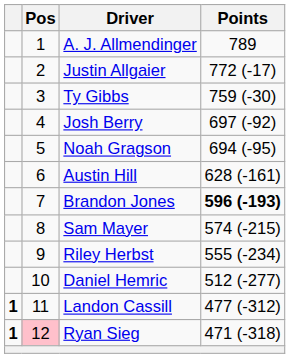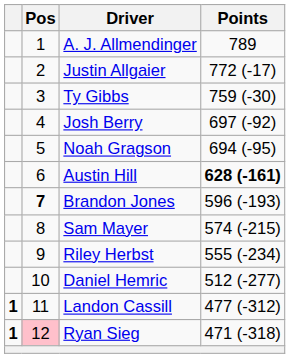 <table class="wikitable" style="font-size: 95%;">
 <tr>
 <th></th>
 <th>Pos</th>
 <th>Driver</th>
 <th>Points</th>
 </tr>
 <tr>
 <td align="left"></td>
 <td style="text-align:center;">1</td>
 <td><a href='#'>A. J. Allmendinger</a></td>
 <td style="text-align:center;">789</td>
 </tr>
 <tr>
 <td align="left"></td>
 <td style="text-align:center;">2</td>
 <td><a href='#'>Justin Allgaier</a></td>
 <td style="text-align:center;">772 (-17)</td>
 </tr>
 <tr>
 <td align="left"></td>
 <td style="text-align:center;">3</td>
 <td><a href='#'>Ty Gibbs</a></td>
 <td style="text-align:center;">759 (-30)</td>
 </tr>
 <tr>
 <td align="left"></td>
 <td style="text-align:center;">4</td>
 <td><a href='#'>Josh Berry</a></td>
 <td style="text-align:center;">697 (-92)</td>
 </tr>
 <tr>
 <td align="left"></td>
 <td style="text-align:center;">5</td>
 <td><a href='#'>Noah Gragson</a></td>
 <td style="text-align:center;">694 (-95)</td>
 </tr>
 <tr>
 <td align="left"></td>
 <td style="text-align:center;">6</td>
 <td><a href='#'>Austin Hill</a></td>
-<td style="text-align:center;">628 (-161)</td>
+<td style="text-align:center;"><strong>628 (-161)</strong></td>
 </tr>
 <tr>
 <td align="left"></td>
-<td style="text-align:center;">7</td>
+<td style="text-align:center;"><strong>7</strong></td>
 <td><a href='#'>Brandon Jones</a></td>
-<td style="text-align:center;"><strong>596 (-193)</strong></td>
+<td style="text-align:center;">596 (-193)</td>
 </tr>
 <tr>
 <td align="left"></td>
 <td style="text-align:center;">8</td>
 <td><a href='#'>Sam Mayer</a></td>
 <td style="text-align:center;">574 (-215)</td>
 </tr>
 <tr>
 <td align="left"></td>
 <td style="text-align:center;">9</td>
 <td><a href='#'>Riley Herbst</a></td>
 <td style="text-align:center;">555 (-234)</td>
 </tr>
 <tr>
 <td align="left"></td>
 <td style="text-align:center;">10</td>
 <td><a href='#'>Daniel Hemric</a></td>
 <td style="text-align:center;">512 (-277)</td>
 </tr>
 <tr>
 <td align="left"> <strong>1</strong></td>
 <td style="text-align:center;">11</td>
 <td><a href='#'>Landon Cassill</a></td>
 <td style="text-align:center;">477 (-312)</td>
 </tr>
 <tr>
 <td align="left"> <strong>1</strong></td>
 <td style="background: pink; text-align:center;">12</td>
 <td><a href='#'>Ryan Sieg</a></td>
 <td style="text-align:center;">471 (-318)</td>
 </tr>
 <tr class="sortbottom">
 <th colspan="9"></th>
 </tr>
 </table>
